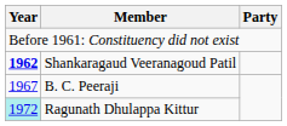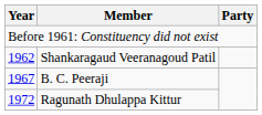 <table class="wikitable">
 <tr>
 <th>Year</th>
 <th>Member</th>
 <th colspan="2">Party</th>
 </tr>
 <tr>
 <td colspan=4>Before 1961: <em>Constituency did not exist</em></td>
 </tr>
 <tr>
-<td><strong><a href='#'>1962</a></strong></td>
+<td><a href='#'>1962</a></td>
 <td>Shankaragaud Veeranagoud Patil</td>
 <td></td>
 </tr>
 <tr>
 <td><a href='#'>1967</a></td>
 <td>B. C. Peeraji</td>
 </tr>
 <tr>
-<td style="background: paleturquoise;"><a href='#'>1972</a></td>
+<td><a href='#'>1972</a></td>
 <td>Ragunath Dhulappa Kittur</td>
 </tr>
 </table>
